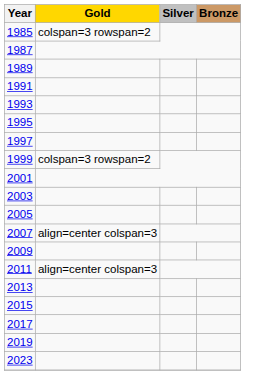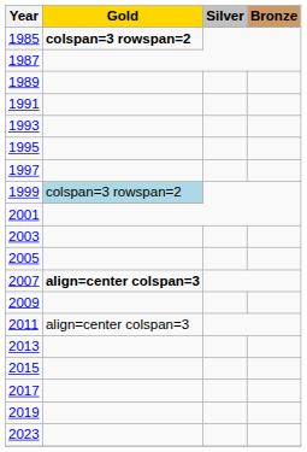 <table class="wikitable">
 <tr>
 <th>Year</th>
 <th style="background-color:gold">Gold</th>
 <th style="background-color:silver">Silver</th>
 <th style="background-color:#cc9966">Bronze</th>
 </tr>
 <tr>
 <td> <a href='#'>1985</a></td>
-<td>colspan=3 rowspan=2 </td>
+<td><strong>colspan=3 rowspan=2 </strong></td>
 </tr>
 <tr>
 <td> <a href='#'>1987</a></td>
 </tr>
 <tr>
 <td> <a href='#'>1989</a></td>
 <td><strong></strong></td>
 <td></td>
 <td></td>
 </tr>
 <tr>
 <td> <a href='#'>1991</a></td>
 <td><strong></strong></td>
 <td></td>
 <td></td>
 </tr>
 <tr>
 <td> <a href='#'>1993</a></td>
 <td><strong></strong></td>
 <td></td>
 <td></td>
 </tr>
 <tr>
 <td> <a href='#'>1995</a></td>
 <td><strong></strong></td>
 <td></td>
 <td></td>
 </tr>
 <tr>
 <td> <a href='#'>1997</a></td>
 <td><strong></strong></td>
 <td></td>
 <td></td>
 </tr>
 <tr>
 <td> <a href='#'>1999</a></td>
-<td>colspan=3 rowspan=2 </td>
+<td style="background: lightblue;">colspan=3 rowspan=2 </td>
 </tr>
 <tr>
 <td> <a href='#'>2001</a></td>
 </tr>
 <tr>
 <td> <a href='#'>2003</a></td>
 <td><strong></strong></td>
 <td></td>
 <td></td>
 </tr>
 <tr>
 <td> <a href='#'>2005</a></td>
 <td><strong></strong></td>
 <td></td>
 <td></td>
 </tr>
 <tr>
 <td> <a href='#'>2007</a></td>
-<td>align=center colspan=3 </td>
+<td><strong>align=center colspan=3 </strong></td>
 </tr>
 <tr>
 <td> <a href='#'>2009</a></td>
 <td><strong></strong></td>
 <td></td>
 <td></td>
 </tr>
 <tr>
 <td> <a href='#'>2011</a></td>
 <td>align=center colspan=3 </td>
 </tr>
 <tr>
 <td> <a href='#'>2013</a></td>
 <td><strong></strong></td>
 <td></td>
 <td></td>
 </tr>
 <tr>
 <td> <a href='#'>2015</a></td>
 <td><strong></strong></td>
 <td></td>
 <td></td>
 </tr>
 <tr>
 <td> <a href='#'>2017</a></td>
 <td><strong></strong></td>
 <td></td>
 <td></td>
 </tr>
 <tr>
 <td> <a href='#'>2019</a></td>
 <td><strong></strong></td>
 <td></td>
 <td></td>
 </tr>
 <tr>
 <td> <a href='#'>2023</a></td>
 <td><strong></strong></td>
 <td></td>
 <td></td>
 </tr>
 <tr>
 </tr>
 </table>
